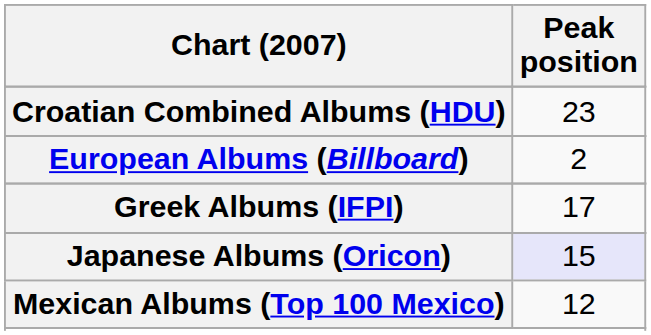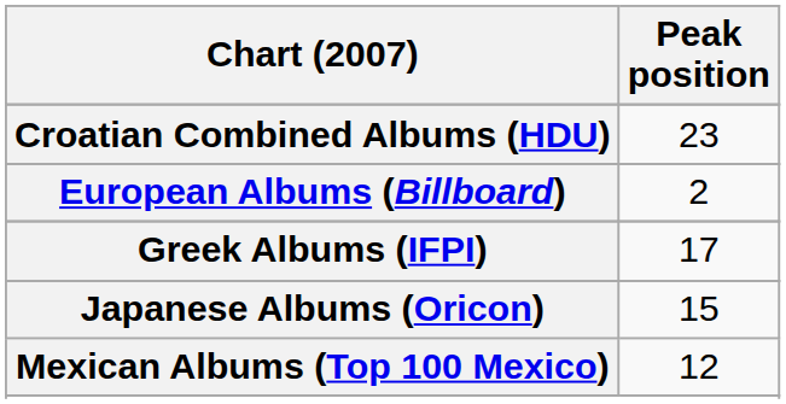 <table class="wikitable sortable plainrowheaders" style="text-align:center">
 <tr>
 <th scope="col">Chart (2007)</th>
 <th scope="col">Peak<br>position</th>
 </tr>
 <tr>
 </tr>
 <tr>
 </tr>
 <tr>
 </tr>
 <tr>
 </tr>
 <tr>
 </tr>
 <tr>
 <th scope="row">Croatian Combined Albums (<a href='#'>HDU</a>)</th>
 <td>23</td>
 </tr>
 <tr>
 </tr>
 <tr>
 </tr>
 <tr>
 </tr>
 <tr>
 <th scope="row"><a href='#'>European Albums</a> (<em><a href='#'>Billboard</a></em>)</th>
 <td>2</td>
 </tr>
 <tr>
 </tr>
 <tr>
 </tr>
 <tr>
 </tr>
 <tr>
 <th scope="row">Greek Albums (<a href='#'>IFPI</a>)</th>
 <td>17</td>
 </tr>
 <tr>
 </tr>
 <tr>
 </tr>
 <tr>
 </tr>
 <tr>
 <th scope="row">Japanese Albums (<a href='#'>Oricon</a>)</th>
-<td style="background: lavender;">15</td>
+<td>15</td>
 </tr>
 <tr>
 <th scope="row">Mexican Albums (<a href='#'>Top 100 Mexico</a>)</th>
 <td>12</td>
 </tr>
 <tr>
 </tr>
 <tr>
 </tr>
 <tr>
 </tr>
 <tr>
 </tr>
 <tr>
 </tr>
 <tr>
 </tr>
 <tr>
 </tr>
 <tr>
 </tr>
 <tr>
 </tr>
 <tr>
 </tr>
 <tr>
 </tr>
 </table>
